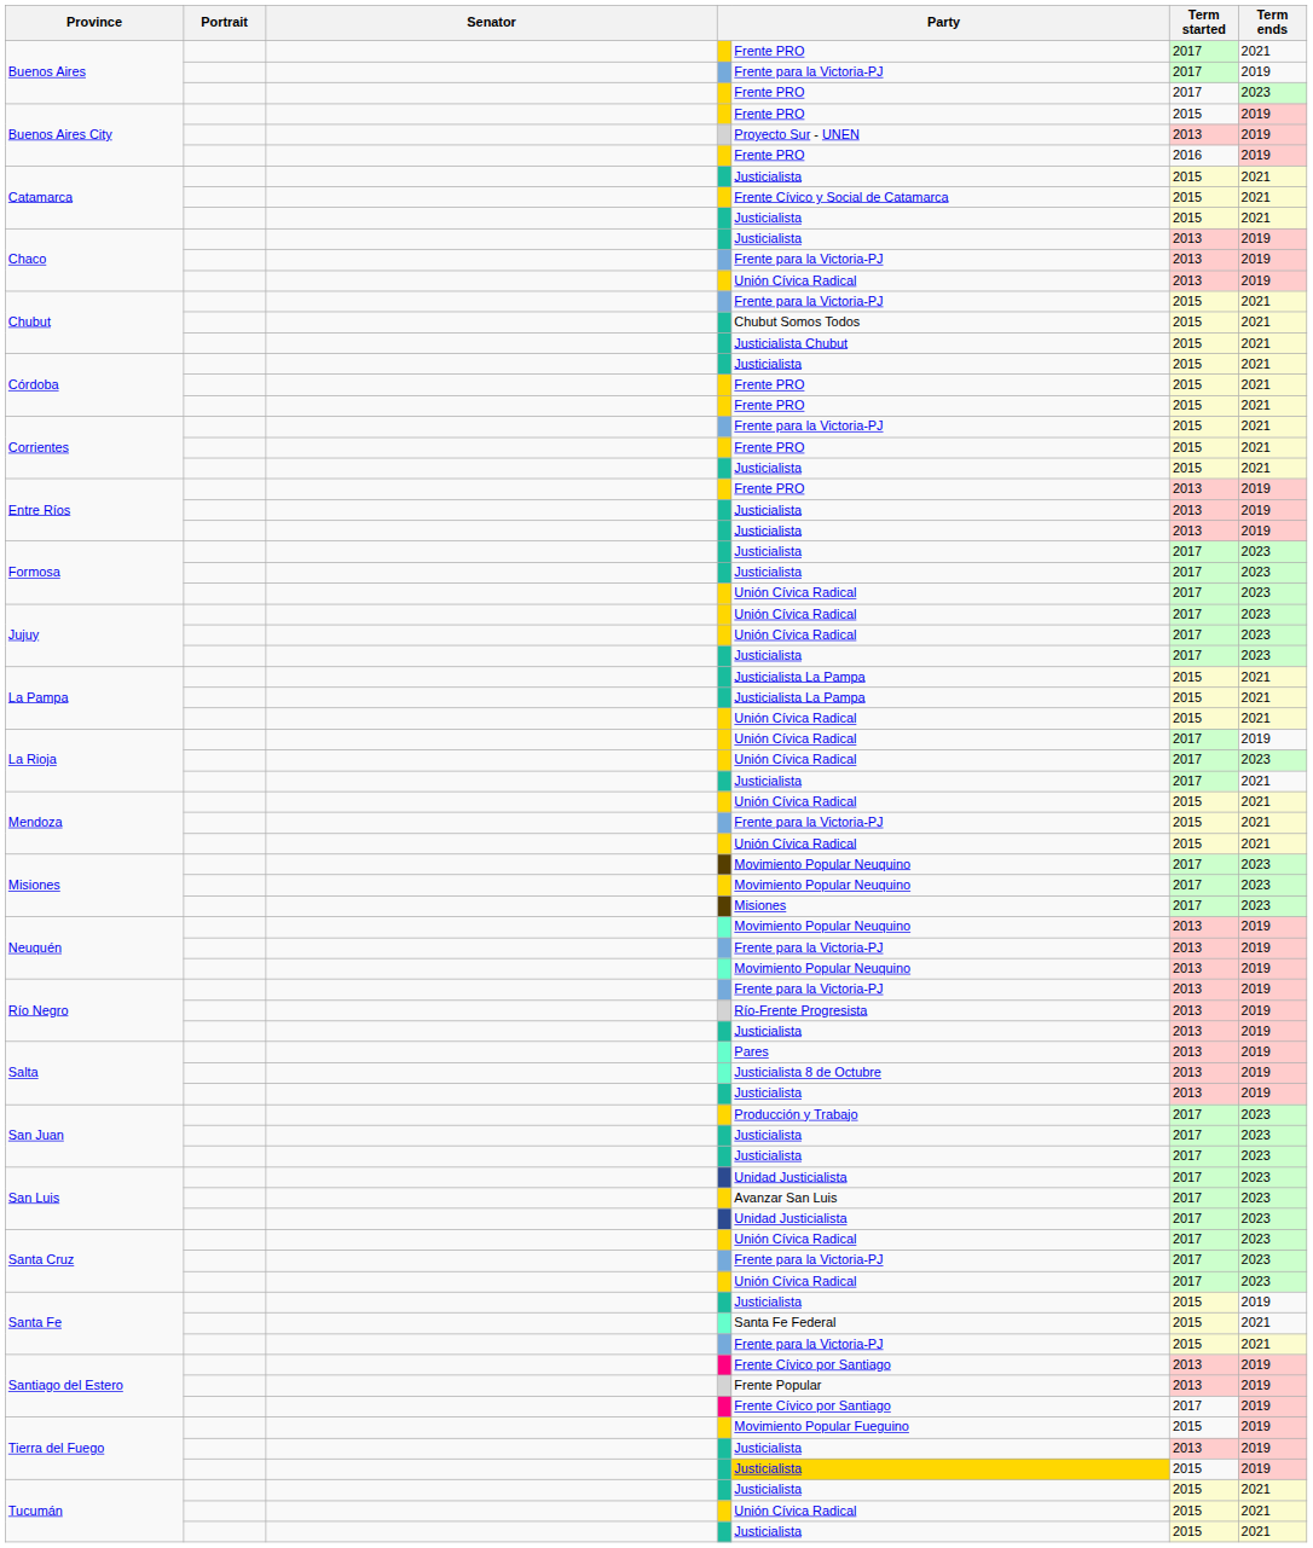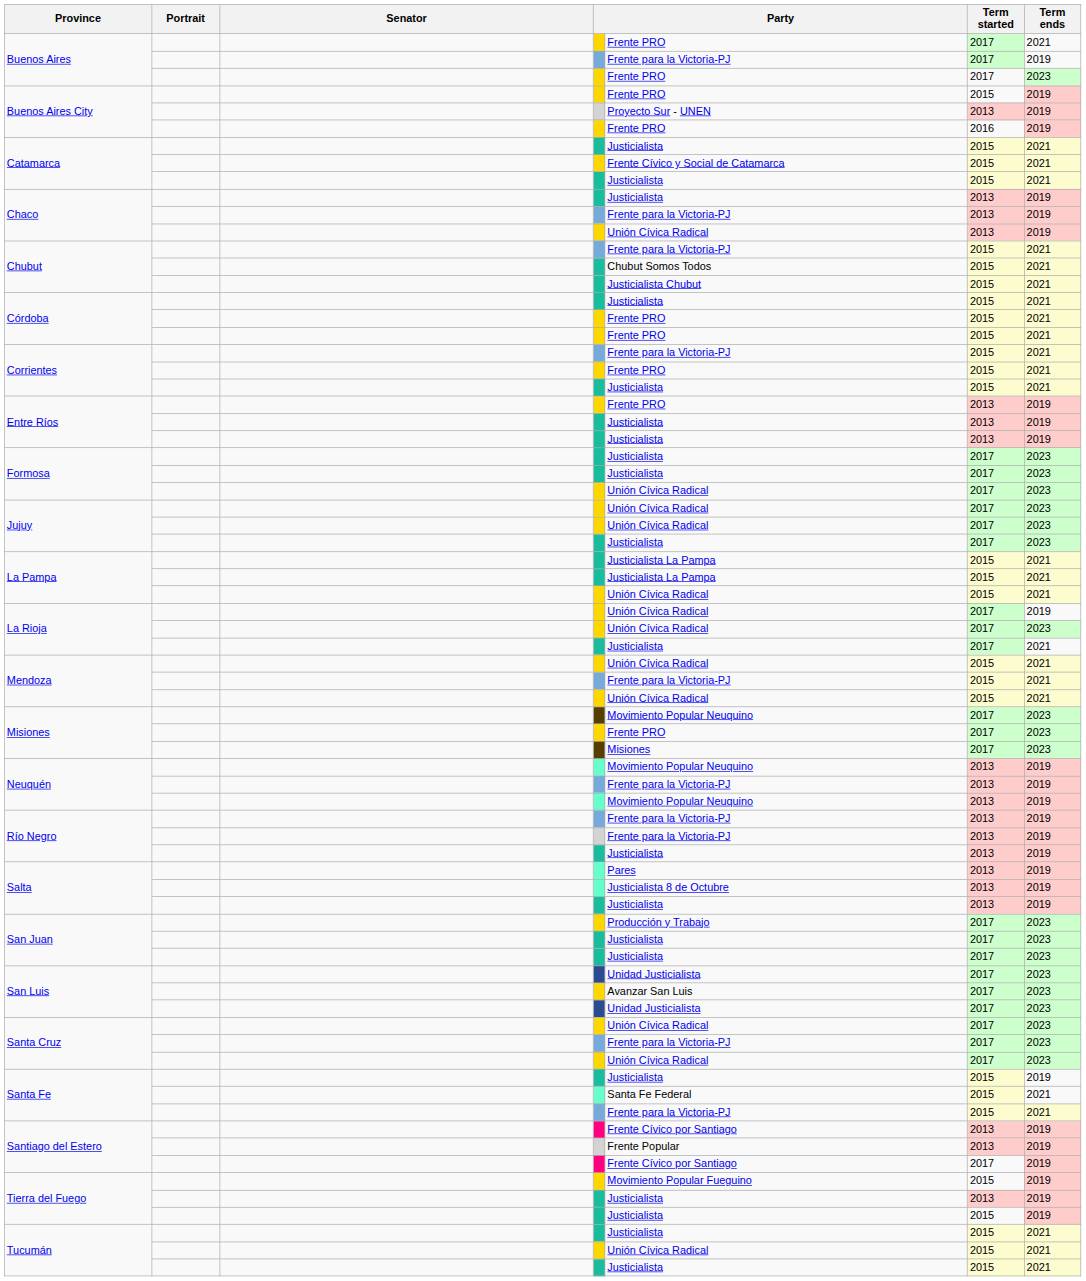 <table class="sortable wikitable" width="100%">
 <tr>
 <th width="13%">Province</th>
 <th width="6%">Portrait</th>
 <th width="33%">Senator</th>
 <th width="33%" colspan="2">Party</th>
 <th width="5%">Term started</th>
 <th width="5%">Term ends</th>
 </tr>
 <tr>
 <td rowspan=3><a href='#'>Buenos Aires</a></td>
 <td></td>
 <td></td>
 <td bgcolor=#FFD700 width="1%"></td>
 <td><a href='#'>Frente PRO</a></td>
 <td bgcolor=#cfc>2017</td>
 <td>2021</td>
 </tr>
 <tr>
 <td></td>
 <td></td>
 <td bgcolor=#75AADB></td>
 <td><a href='#'>Frente para la Victoria-PJ</a></td>
 <td bgcolor=#cfc>2017</td>
 <td>2019</td>
 </tr>
 <tr>
 <td></td>
 <td></td>
 <td bgcolor=#FFD700></td>
 <td><a href='#'>Frente PRO</a></td>
 <td>2017</td>
 <td bgcolor=#cfc>2023</td>
 </tr>
 <tr>
 <td rowspan=3><a href='#'>Buenos Aires City</a></td>
 <td></td>
 <td></td>
 <td bgcolor=#FFD700></td>
 <td><a href='#'>Frente PRO</a></td>
 <td>2015</td>
 <td bgcolor=#fcc>2019</td>
 </tr>
 <tr>
 <td></td>
 <td></td>
 <td bgcolor=lightgrey></td>
 <td><a href='#'>Proyecto Sur</a> - <a href='#'>UNEN</a></td>
 <td bgcolor=#fcc>2013</td>
 <td bgcolor=#fcc>2019</td>
 </tr>
 <tr>
 <td></td>
 <td></td>
 <td bgcolor=#FFD700></td>
 <td><a href='#'>Frente PRO</a></td>
 <td>2016</td>
 <td bgcolor=#fcc>2019</td>
 </tr>
 <tr>
 <td rowspan=3><a href='#'>Catamarca</a></td>
 <td></td>
 <td></td>
 <td bgcolor=#19bc9d></td>
 <td><a href='#'>Justicialista</a></td>
 <td bgcolor=#fcfccf>2015</td>
 <td bgcolor=#fcfccf>2021</td>
 </tr>
 <tr>
 <td></td>
 <td></td>
 <td bgcolor=#FFD700></td>
 <td><a href='#'>Frente Cívico y Social de Catamarca</a></td>
 <td bgcolor=#fcfccf>2015</td>
 <td bgcolor=#fcfccf>2021</td>
 </tr>
 <tr>
 <td></td>
 <td></td>
 <td bgcolor=#19bc9d></td>
 <td><a href='#'>Justicialista</a></td>
 <td bgcolor=#fcfccf>2015</td>
 <td bgcolor=#fcfccf>2021</td>
 </tr>
 <tr>
 <td rowspan=3><a href='#'>Chaco</a></td>
 <td></td>
 <td></td>
 <td bgcolor=#19bc9d></td>
 <td><a href='#'>Justicialista</a></td>
 <td bgcolor=#fcc>2013</td>
 <td bgcolor=#fcc>2019</td>
 </tr>
 <tr>
 <td></td>
 <td></td>
 <td bgcolor=#75AADB></td>
 <td><a href='#'>Frente para la Victoria-PJ</a></td>
 <td bgcolor=#fcc>2013</td>
 <td bgcolor=#fcc>2019</td>
 </tr>
 <tr>
 <td></td>
 <td></td>
 <td bgcolor=#FFD700></td>
 <td><a href='#'>Unión Cívica Radical</a></td>
 <td bgcolor=#fcc>2013</td>
 <td bgcolor=#fcc>2019</td>
 </tr>
 <tr>
 <td rowspan=3><a href='#'>Chubut</a></td>
 <td></td>
 <td></td>
 <td bgcolor=#75AADB></td>
 <td><a href='#'>Frente para la Victoria-PJ</a></td>
 <td bgcolor=#fcfccf>2015</td>
 <td bgcolor=#fcfccf>2021</td>
 </tr>
 <tr>
 <td></td>
 <td></td>
 <td bgcolor=#19bc9d></td>
 <td>Chubut Somos Todos</td>
 <td bgcolor=#fcfccf>2015</td>
 <td bgcolor=#fcfccf>2021</td>
 </tr>
 <tr>
 <td></td>
 <td></td>
 <td bgcolor=#19bc9d></td>
 <td><a href='#'>Justicialista Chubut</a></td>
 <td bgcolor=#fcfccf>2015</td>
 <td bgcolor=#fcfccf>2021</td>
 </tr>
 <tr>
 <td rowspan=3><a href='#'>Córdoba</a></td>
 <td></td>
 <td></td>
 <td bgcolor=#19bc9d></td>
 <td><a href='#'>Justicialista</a></td>
 <td bgcolor=#fcfccf>2015</td>
 <td bgcolor=#fcfccf>2021</td>
 </tr>
 <tr>
 <td></td>
 <td></td>
 <td bgcolor=#FFD700></td>
 <td><a href='#'>Frente PRO</a></td>
 <td bgcolor=#fcfccf>2015</td>
 <td bgcolor=#fcfccf>2021</td>
 </tr>
 <tr>
 <td></td>
 <td></td>
 <td bgcolor=#FFD700></td>
 <td><a href='#'>Frente PRO</a></td>
 <td bgcolor=#fcfccf>2015</td>
 <td bgcolor=#fcfccf>2021</td>
 </tr>
 <tr>
 <td rowspan=3><a href='#'>Corrientes</a></td>
 <td></td>
 <td></td>
 <td bgcolor=#75AADB></td>
 <td><a href='#'>Frente para la Victoria-PJ</a></td>
 <td bgcolor=#fcfccf>2015</td>
 <td bgcolor=#fcfccf>2021</td>
 </tr>
 <tr>
 <td></td>
 <td></td>
 <td bgcolor=#FFD700></td>
 <td><a href='#'>Frente PRO</a></td>
 <td bgcolor=#fcfccf>2015</td>
 <td bgcolor=#fcfccf>2021</td>
 </tr>
 <tr>
 <td></td>
 <td></td>
 <td bgcolor=#19bc9d></td>
 <td><a href='#'>Justicialista</a></td>
 <td bgcolor=#fcfccf>2015</td>
 <td bgcolor=#fcfccf>2021</td>
 </tr>
 <tr>
 <td rowspan=3><a href='#'>Entre Ríos</a></td>
 <td></td>
 <td></td>
 <td bgcolor=#FFD700></td>
 <td><a href='#'>Frente PRO</a></td>
 <td bgcolor=#fcc>2013</td>
 <td bgcolor=#fcc>2019</td>
 </tr>
 <tr>
 <td></td>
 <td></td>
 <td bgcolor=#19bc9d></td>
 <td><a href='#'>Justicialista</a></td>
 <td bgcolor=#fcc>2013</td>
 <td bgcolor=#fcc>2019</td>
 </tr>
 <tr>
 <td></td>
 <td></td>
 <td bgcolor=#19bc9d></td>
 <td><a href='#'>Justicialista</a></td>
 <td bgcolor=#fcc>2013</td>
 <td bgcolor=#fcc>2019</td>
 </tr>
 <tr>
 <td rowspan=3><a href='#'>Formosa</a></td>
 <td></td>
 <td></td>
 <td bgcolor=#19bc9d></td>
 <td><a href='#'>Justicialista</a></td>
 <td bgcolor=#cfc>2017</td>
 <td bgcolor=#cfc>2023</td>
 </tr>
 <tr>
 <td></td>
 <td></td>
 <td bgcolor=#19bc9d></td>
 <td><a href='#'>Justicialista</a></td>
 <td bgcolor=#cfc>2017</td>
 <td bgcolor=#cfc>2023</td>
 </tr>
 <tr>
 <td></td>
 <td></td>
 <td bgcolor=#FFD700></td>
 <td><a href='#'>Unión Cívica Radical</a></td>
 <td bgcolor=#cfc>2017</td>
 <td bgcolor=#cfc>2023</td>
 </tr>
 <tr>
 <td rowspan=3><a href='#'>Jujuy</a></td>
 <td></td>
 <td></td>
 <td bgcolor=#FFD700></td>
 <td><a href='#'>Unión Cívica Radical</a></td>
 <td bgcolor=#cfc>2017</td>
 <td bgcolor=#cfc>2023</td>
 </tr>
 <tr>
 <td></td>
 <td></td>
 <td bgcolor=#FFD700></td>
 <td><a href='#'>Unión Cívica Radical</a></td>
 <td bgcolor=#cfc>2017</td>
 <td bgcolor=#cfc>2023</td>
 </tr>
 <tr>
 <td></td>
 <td></td>
 <td bgcolor=#19bc9d></td>
 <td><a href='#'>Justicialista</a></td>
 <td bgcolor=#cfc>2017</td>
 <td bgcolor=#cfc>2023</td>
 </tr>
 <tr>
 <td rowspan=3><a href='#'>La Pampa</a></td>
 <td></td>
 <td></td>
 <td bgcolor=#19bc9d></td>
 <td><a href='#'>Justicialista La Pampa</a></td>
 <td bgcolor=#fcfccf>2015</td>
 <td bgcolor=#fcfccf>2021</td>
 </tr>
 <tr>
 <td></td>
 <td></td>
 <td bgcolor=#19bc9d></td>
 <td><a href='#'>Justicialista La Pampa</a></td>
 <td bgcolor=#fcfccf>2015</td>
 <td bgcolor=#fcfccf>2021</td>
 </tr>
 <tr>
 <td></td>
 <td></td>
 <td bgcolor=#FFD700></td>
 <td><a href='#'>Unión Cívica Radical</a></td>
 <td bgcolor=#fcfccf>2015</td>
 <td bgcolor=#fcfccf>2021</td>
 </tr>
 <tr>
 <td rowspan=3><a href='#'>La Rioja</a></td>
 <td></td>
 <td></td>
 <td bgcolor=#FFD700></td>
 <td><a href='#'>Unión Cívica Radical</a></td>
 <td bgcolor=#cfc>2017</td>
 <td>2019</td>
 </tr>
 <tr>
 <td></td>
 <td></td>
 <td bgcolor=#FFD700></td>
 <td><a href='#'>Unión Cívica Radical</a></td>
 <td bgcolor=#cfc>2017</td>
 <td bgcolor=#cfc>2023</td>
 </tr>
 <tr>
 <td></td>
 <td></td>
 <td bgcolor=#19bc9d></td>
 <td><a href='#'>Justicialista</a></td>
 <td bgcolor=#cfc>2017</td>
 <td>2021</td>
 </tr>
 <tr>
 <td rowspan=3><a href='#'>Mendoza</a></td>
 <td></td>
 <td></td>
 <td bgcolor=#FFD700></td>
 <td><a href='#'>Unión Cívica Radical</a></td>
 <td bgcolor=#fcfccf>2015</td>
 <td bgcolor=#fcfccf>2021</td>
 </tr>
 <tr>
 <td></td>
 <td></td>
 <td bgcolor=#75AADB></td>
 <td><a href='#'>Frente para la Victoria-PJ</a></td>
 <td bgcolor=#fcfccf>2015</td>
 <td bgcolor=#fcfccf>2021</td>
 </tr>
 <tr>
 <td></td>
 <td></td>
 <td bgcolor=#FFD700></td>
 <td><a href='#'>Unión Cívica Radical</a></td>
 <td bgcolor=#fcfccf>2015</td>
 <td bgcolor=#fcfccf>2021</td>
 </tr>
 <tr>
 <td rowspan=3><a href='#'>Misiones</a></td>
 <td></td>
 <td></td>
 <td bgcolor=#553e00></td>
 <td><a href='#'>Movimiento Popular Neuquino</a></td>
 <td bgcolor=#cfc>2017</td>
 <td bgcolor=#cfc>2023</td>
 </tr>
 <tr>
 <td></td>
 <td></td>
 <td bgcolor=#FFD700></td>
-<td><a href='#'>Movimiento Popular Neuquino</a></td>
+<td><a href='#'>Frente PRO</a></td>
 <td bgcolor=#cfc>2017</td>
 <td bgcolor=#cfc>2023</td>
 </tr>
 <tr>
 <td></td>
 <td></td>
 <td bgcolor=#553e00></td>
 <td><a href='#'>Misiones</a></td>
 <td bgcolor=#cfc>2017</td>
 <td bgcolor=#cfc>2023</td>
 </tr>
 <tr>
 <td rowspan=3><a href='#'>Neuquén</a></td>
 <td></td>
 <td></td>
 <td bgcolor=#66ffcc></td>
 <td><a href='#'>Movimiento Popular Neuquino</a></td>
 <td bgcolor=#fcc>2013</td>
 <td bgcolor=#fcc>2019</td>
 </tr>
 <tr>
 <td></td>
 <td></td>
 <td bgcolor=#75AADB></td>
 <td><a href='#'>Frente para la Victoria-PJ</a></td>
 <td bgcolor=#fcc>2013</td>
 <td bgcolor=#fcc>2019</td>
 </tr>
 <tr>
 <td></td>
 <td></td>
 <td bgcolor=#66ffcc></td>
 <td><a href='#'>Movimiento Popular Neuquino</a></td>
 <td bgcolor=#fcc>2013</td>
 <td bgcolor=#fcc>2019</td>
 </tr>
 <tr>
 <td rowspan=3><a href='#'>Río Negro</a></td>
 <td></td>
 <td></td>
 <td bgcolor=#75AADB></td>
 <td><a href='#'>Frente para la Victoria-PJ</a></td>
 <td bgcolor=#fcc>2013</td>
 <td bgcolor=#fcc>2019</td>
 </tr>
 <tr>
 <td></td>
 <td></td>
 <td bgcolor=lightgrey></td>
-<td><a href='#'>Río-Frente Progresista</a></td>
+<td><a href='#'>Frente para la Victoria-PJ</a></td>
 <td bgcolor=#fcc>2013</td>
 <td bgcolor=#fcc>2019</td>
 </tr>
 <tr>
 <td></td>
 <td></td>
 <td bgcolor=#19bc9d></td>
 <td><a href='#'>Justicialista</a></td>
 <td bgcolor=#fcc>2013</td>
 <td bgcolor=#fcc>2019</td>
 </tr>
 <tr>
 <td rowspan=3><a href='#'>Salta</a></td>
 <td></td>
 <td></td>
 <td bgcolor=#66ffcc></td>
 <td><a href='#'>Pares</a></td>
 <td bgcolor=#fcc>2013</td>
 <td bgcolor=#fcc>2019</td>
 </tr>
 <tr>
 <td></td>
 <td></td>
 <td bgcolor=#66ffcc></td>
 <td><a href='#'>Justicialista 8 de Octubre</a></td>
 <td bgcolor=#fcc>2013</td>
 <td bgcolor=#fcc>2019</td>
 </tr>
 <tr>
 <td></td>
 <td></td>
 <td bgcolor=#19bc9d></td>
 <td><a href='#'>Justicialista</a></td>
 <td bgcolor=#fcc>2013</td>
 <td bgcolor=#fcc>2019</td>
 </tr>
 <tr>
 <td rowspan=3><a href='#'>San Juan</a></td>
 <td></td>
 <td></td>
 <td bgcolor=#FFD700></td>
 <td><a href='#'>Producción y Trabajo</a></td>
 <td bgcolor=#cfc>2017</td>
 <td bgcolor=#cfc>2023</td>
 </tr>
 <tr>
 <td></td>
 <td></td>
 <td bgcolor=#19bc9d></td>
 <td><a href='#'>Justicialista</a></td>
 <td bgcolor=#cfc>2017</td>
 <td bgcolor=#cfc>2023</td>
 </tr>
 <tr>
 <td></td>
 <td></td>
 <td bgcolor=#19bc9d></td>
 <td><a href='#'>Justicialista</a></td>
 <td bgcolor=#cfc>2017</td>
 <td bgcolor=#cfc>2023</td>
 </tr>
 <tr>
 <td rowspan=3><a href='#'>San Luis</a></td>
 <td></td>
 <td></td>
 <td bgcolor=#2C4A90></td>
 <td><a href='#'>Unidad Justicialista</a></td>
 <td bgcolor=#cfc>2017</td>
 <td bgcolor=#cfc>2023</td>
 </tr>
 <tr>
 <td></td>
 <td></td>
 <td bgcolor=#FFD700></td>
 <td>Avanzar San Luis</td>
 <td bgcolor=#cfc>2017</td>
 <td bgcolor=#cfc>2023</td>
 </tr>
 <tr>
 <td></td>
 <td></td>
 <td bgcolor=#2C4A90></td>
 <td><a href='#'>Unidad Justicialista</a></td>
 <td bgcolor=#cfc>2017</td>
 <td bgcolor=#cfc>2023</td>
 </tr>
 <tr>
 <td rowspan=3><a href='#'>Santa Cruz</a></td>
 <td></td>
 <td></td>
 <td bgcolor=#FFD700></td>
 <td><a href='#'>Unión Cívica Radical</a></td>
 <td bgcolor=#cfc>2017</td>
 <td bgcolor=#cfc>2023</td>
 </tr>
 <tr>
 <td></td>
 <td></td>
 <td bgcolor=#75AADB></td>
 <td><a href='#'>Frente para la Victoria-PJ</a></td>
 <td bgcolor=#cfc>2017</td>
 <td bgcolor=#cfc>2023</td>
 </tr>
 <tr>
 <td></td>
 <td></td>
 <td bgcolor=#FFD700></td>
 <td><a href='#'>Unión Cívica Radical</a></td>
 <td bgcolor=#cfc>2017</td>
 <td bgcolor=#cfc>2023</td>
 </tr>
 <tr>
 <td rowspan=3><a href='#'>Santa Fe</a></td>
 <td></td>
 <td></td>
 <td bgcolor=#19bc9d></td>
 <td><a href='#'>Justicialista</a></td>
 <td bgcolor=#fcfccf>2015</td>
 <td>2019</td>
 </tr>
 <tr>
 <td></td>
 <td></td>
 <td bgcolor=#66ffcc></td>
 <td>Santa Fe Federal</td>
 <td bgcolor=#fcfccf>2015</td>
 <td>2021</td>
 </tr>
 <tr>
 <td></td>
 <td></td>
 <td bgcolor=#75AADB></td>
 <td><a href='#'>Frente para la Victoria-PJ</a></td>
 <td bgcolor=#fcfccf>2015</td>
 <td bgcolor=#fcfccf>2021</td>
 </tr>
 <tr>
 <td rowspan=3><a href='#'>Santiago del Estero</a></td>
 <td></td>
 <td></td>
 <td bgcolor=#FF0080></td>
 <td><a href='#'>Frente Cívico por Santiago</a></td>
 <td bgcolor=#fcc>2013</td>
 <td bgcolor=#fcc>2019</td>
 </tr>
 <tr>
 <td></td>
 <td></td>
 <td bgcolor=lightgrey></td>
 <td>Frente Popular</td>
 <td bgcolor=#fcc>2013</td>
 <td bgcolor=#fcc>2019</td>
 </tr>
 <tr>
 <td></td>
 <td></td>
 <td bgcolor=#FF0080></td>
 <td><a href='#'>Frente Cívico por Santiago</a></td>
 <td>2017</td>
 <td bgcolor=#fcc>2019</td>
 </tr>
 <tr>
 <td rowspan=3><a href='#'>Tierra del Fuego</a></td>
 <td></td>
 <td></td>
 <td bgcolor=#FFD700></td>
 <td><a href='#'>Movimiento Popular Fueguino</a></td>
 <td>2015</td>
 <td bgcolor=#fcc>2019</td>
 </tr>
 <tr>
 <td></td>
 <td></td>
 <td bgcolor=#19bc9d></td>
 <td><a href='#'>Justicialista</a></td>
 <td bgcolor=#fcc>2013</td>
 <td bgcolor=#fcc>2019</td>
 </tr>
 <tr>
 <td></td>
 <td></td>
 <td bgcolor=#19bc9d></td>
-<td style="background: gold;"><a href='#'>Justicialista</a></td>
+<td><a href='#'>Justicialista</a></td>
 <td>2015</td>
 <td bgcolor=#fcc>2019</td>
 </tr>
 <tr>
 <td rowspan=3><a href='#'>Tucumán</a></td>
 <td></td>
 <td></td>
 <td bgcolor=#19bc9d></td>
 <td><a href='#'>Justicialista</a></td>
 <td bgcolor=#fcfccf>2015</td>
 <td bgcolor=#fcfccf>2021</td>
 </tr>
 <tr>
 <td></td>
 <td></td>
 <td bgcolor=#FFD700></td>
 <td><a href='#'>Unión Cívica Radical</a></td>
 <td bgcolor=#fcfccf>2015</td>
 <td bgcolor=#fcfccf>2021</td>
 </tr>
 <tr>
 <td></td>
 <td></td>
 <td bgcolor=#19bc9d></td>
 <td><a href='#'>Justicialista</a></td>
 <td bgcolor=#fcfccf>2015</td>
 <td bgcolor=#fcfccf>2021</td>
 </tr>
 </table>
